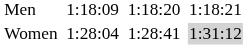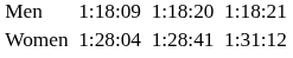 <table>
 <tr>
 <td align="left">Men</td>
 <td></td>
 <td>1:18:09</td>
 <td></td>
 <td>1:18:20</td>
 <td></td>
 <td>1:18:21</td>
 </tr>
 <tr>
 <td align="left">Women</td>
 <td></td>
 <td>1:28:04</td>
 <td></td>
 <td>1:28:41</td>
 <td></td>
-<td style="background: lightgrey;">1:31:12</td>
+<td>1:31:12</td>
 </tr>
 </table>
